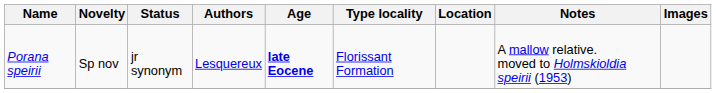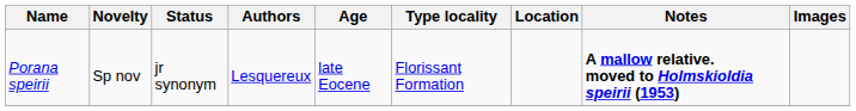 <table class="wikitable sortable" align="center" width="100%">
 <tr>
 <th>Name</th>
 <th>Novelty</th>
 <th>Status</th>
 <th>Authors</th>
 <th>Age</th>
 <th>Type locality</th>
 <th>Location</th>
 <th>Notes</th>
 <th>Images</th>
 </tr>
 <tr>
 <td><br><em><a href='#'>Porana speirii</a></em></td>
 <td><br>Sp nov</td>
 <td><br>jr synonym</td>
 <td><br><a href='#'>Lesquereux</a></td>
-<td><strong><br><a href='#'>late Eocene</a></strong></td>
+<td><br><a href='#'>late Eocene</a></td>
 <td><br><a href='#'>Florissant Formation</a></td>
 <td><br><br></td>
-<td><br>A <a href='#'>mallow</a> relative.<br> moved to <em><a href='#'>Holmskioldia speirii</a></em> (<a href='#'>1953</a>)</td>
+<td><strong><br>A <a href='#'>mallow</a> relative.<br> moved to <em><a href='#'>Holmskioldia speirii</a></em> (<a href='#'>1953</a>)</strong></td>
 <td><br></td>
 </tr>
 <tr>
 </tr>
 </table>
